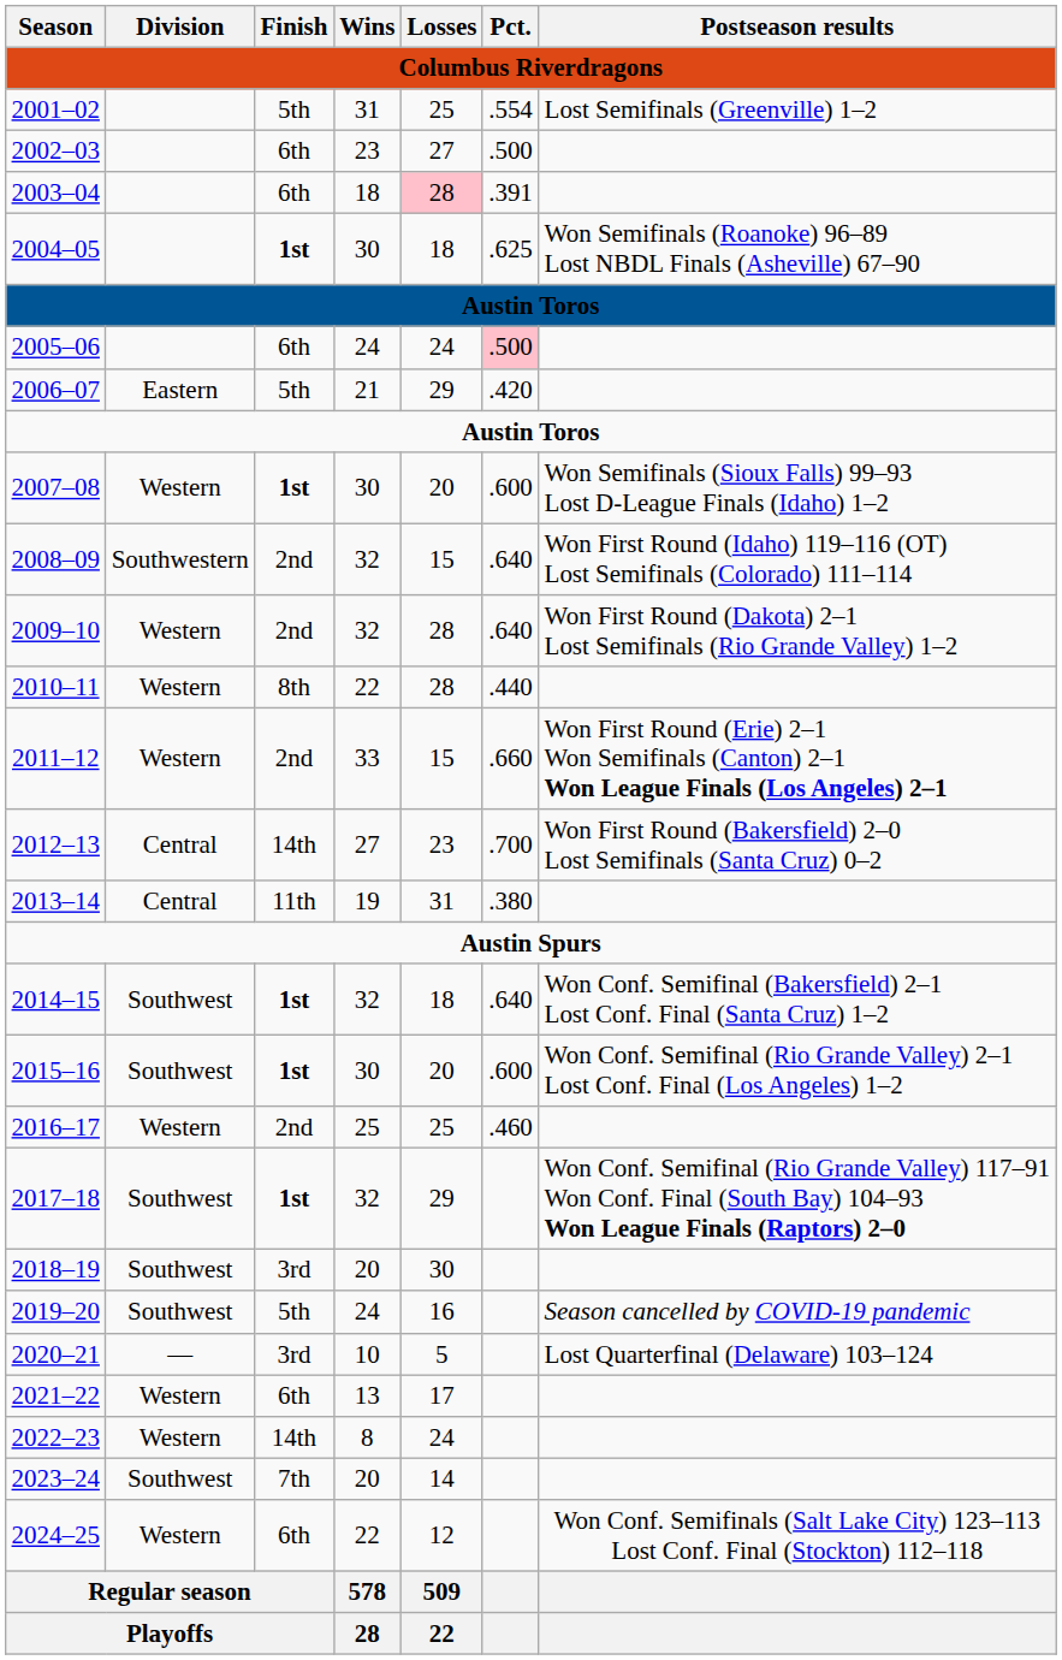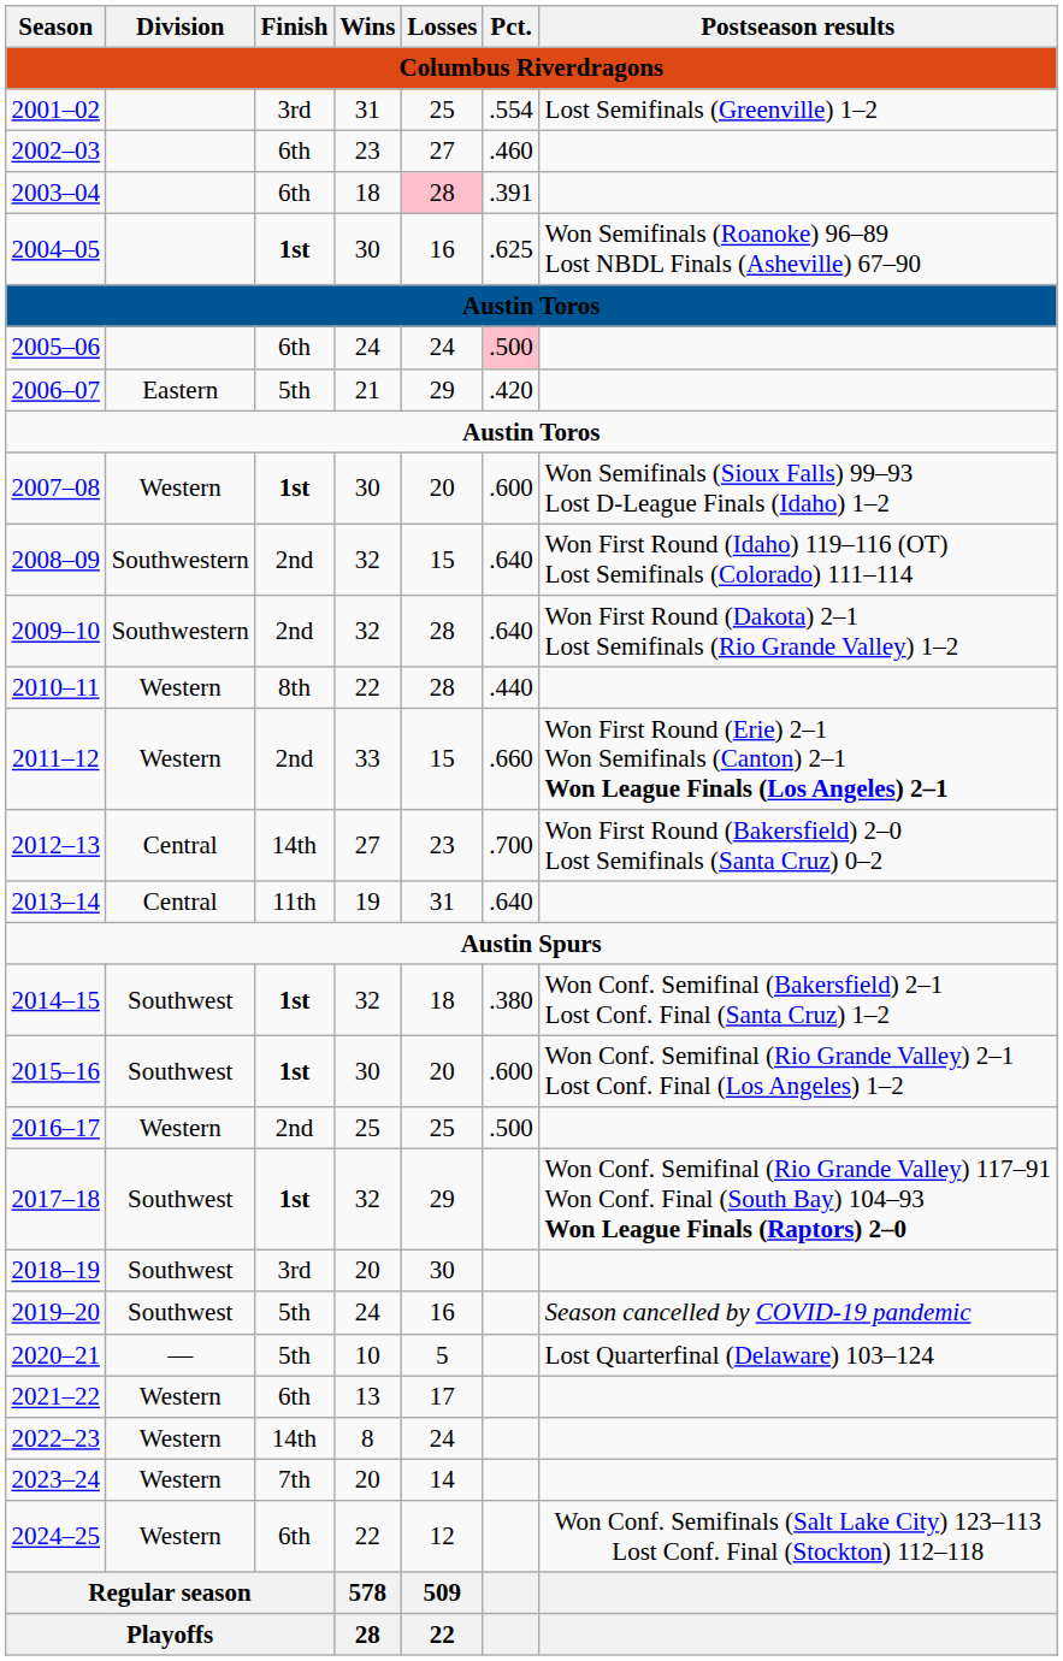 <table class="wikitable" style="font-size:95%; text-align:center">
 <tr>
 <th>Season</th>
 <th>Division</th>
 <th>Finish</th>
 <th>Wins</th>
 <th>Losses</th>
 <th>Pct.</th>
 <th>Postseason results</th>
 </tr>
 <tr>
 <td colspan=7 bgcolor="#DD4814"><span> <strong>Columbus Riverdragons</strong></span></td>
 </tr>
 <tr>
 <td><a href='#'>2001–02</a></td>
 <td></td>
-<td>5th</td>
+<td>3rd</td>
 <td>31</td>
 <td>25</td>
 <td>.554</td>
 <td align=left>Lost Semifinals (<a href='#'>Greenville</a>) 1–2</td>
 </tr>
 <tr>
 <td><a href='#'>2002–03</a></td>
 <td></td>
 <td>6th</td>
 <td>23</td>
 <td>27</td>
-<td>.500</td>
+<td>.460</td>
 <td></td>
 </tr>
 <tr>
 <td><a href='#'>2003–04</a></td>
 <td></td>
 <td>6th</td>
 <td>18</td>
 <td style="background: pink;">28</td>
 <td>.391</td>
 <td></td>
 </tr>
 <tr>
 <td><a href='#'>2004–05</a></td>
 <td></td>
 <td><strong>1st</strong></td>
 <td>30</td>
-<td>18</td>
+<td>16</td>
 <td>.625</td>
 <td align=left>Won Semifinals (<a href='#'>Roanoke</a>) 96–89<br> Lost NBDL Finals (<a href='#'>Asheville</a>) 67–90</td>
 </tr>
 <tr>
 <td colspan=7 bgcolor="#005695"><span> <strong>Austin Toros</strong></span></td>
 </tr>
 <tr>
 <td><a href='#'>2005–06</a></td>
 <td></td>
 <td>6th</td>
 <td>24</td>
 <td>24</td>
 <td style="background: pink;">.500</td>
 <td></td>
 </tr>
 <tr>
 <td><a href='#'>2006–07</a></td>
 <td>Eastern</td>
 <td>5th</td>
 <td>21</td>
 <td>29</td>
 <td>.420</td>
 <td></td>
 </tr>
 <tr>
 <td colspan=7><strong>Austin Toros</strong></td>
 </tr>
 <tr>
 <td><a href='#'>2007–08</a></td>
 <td>Western</td>
 <td><strong>1st</strong></td>
 <td>30</td>
 <td>20</td>
 <td>.600</td>
 <td align=left>Won Semifinals (<a href='#'>Sioux Falls</a>) 99–93<br> Lost D-League Finals (<a href='#'>Idaho</a>) 1–2</td>
 </tr>
 <tr>
 <td><a href='#'>2008–09</a></td>
 <td>Southwestern</td>
 <td>2nd</td>
 <td>32</td>
 <td>15</td>
 <td>.640</td>
 <td align=left>Won First Round (<a href='#'>Idaho</a>) 119–116 (OT)<br> Lost Semifinals (<a href='#'>Colorado</a>) 111–114</td>
 </tr>
 <tr>
 <td><a href='#'>2009–10</a></td>
-<td>Western</td>
+<td>Southwestern</td>
 <td>2nd</td>
 <td>32</td>
 <td>28</td>
 <td>.640</td>
 <td align=left>Won First Round (<a href='#'>Dakota</a>) 2–1<br> Lost Semifinals (<a href='#'>Rio Grande Valley</a>) 1–2</td>
 </tr>
 <tr>
 <td><a href='#'>2010–11</a></td>
 <td>Western</td>
 <td>8th</td>
 <td>22</td>
 <td>28</td>
 <td>.440</td>
 <td></td>
 </tr>
 <tr>
 <td><a href='#'>2011–12</a></td>
 <td>Western</td>
 <td>2nd</td>
 <td>33</td>
 <td>15</td>
 <td>.660</td>
 <td align=left>Won First Round (<a href='#'>Erie</a>) 2–1<br>Won Semifinals (<a href='#'>Canton</a>) 2–1<br><strong>Won League Finals (<a href='#'>Los Angeles</a>) 2–1</strong></td>
 </tr>
 <tr>
 <td><a href='#'>2012–13</a></td>
 <td>Central</td>
 <td>14th</td>
 <td>27</td>
 <td>23</td>
 <td>.700</td>
 <td align=left>Won First Round (<a href='#'>Bakersfield</a>) 2–0<br>Lost Semifinals (<a href='#'>Santa Cruz</a>) 0–2</td>
 </tr>
 <tr>
 <td><a href='#'>2013–14</a></td>
 <td>Central</td>
 <td>11th</td>
 <td>19</td>
 <td>31</td>
-<td>.380</td>
+<td>.640</td>
 <td></td>
 </tr>
 <tr>
 <td colspan=7><strong>Austin Spurs</strong></td>
 </tr>
 <tr>
 <td><a href='#'>2014–15</a></td>
 <td>Southwest</td>
 <td><strong>1st</strong></td>
 <td>32</td>
 <td>18</td>
-<td>.640</td>
+<td>.380</td>
 <td align=left>Won Conf. Semifinal (<a href='#'>Bakersfield</a>) 2–1<br>Lost Conf. Final (<a href='#'>Santa Cruz</a>) 1–2</td>
 </tr>
 <tr>
 <td><a href='#'>2015–16</a></td>
 <td>Southwest</td>
 <td><strong>1st</strong></td>
 <td>30</td>
 <td>20</td>
 <td>.600</td>
 <td align=left>Won Conf. Semifinal (<a href='#'>Rio Grande Valley</a>) 2–1<br>Lost Conf. Final (<a href='#'>Los Angeles</a>) 1–2</td>
 </tr>
 <tr>
 <td><a href='#'>2016–17</a></td>
 <td>Western</td>
 <td>2nd</td>
 <td>25</td>
 <td>25</td>
-<td>.460</td>
+<td>.500</td>
 <td></td>
 </tr>
 <tr>
 <td><a href='#'>2017–18</a></td>
 <td>Southwest</td>
 <td><strong>1st</strong></td>
 <td>32</td>
 <td>29</td>
 <td></td>
 <td align=left>Won Conf. Semifinal (<a href='#'>Rio Grande Valley</a>) 117–91<br>Won Conf. Final (<a href='#'>South Bay</a>) 104–93<br><strong>Won League Finals (<a href='#'>Raptors</a>) 2–0</strong></td>
 </tr>
 <tr>
 <td><a href='#'>2018–19</a></td>
 <td>Southwest</td>
 <td>3rd</td>
 <td>20</td>
 <td>30</td>
 <td></td>
 <td></td>
 </tr>
 <tr>
 <td><a href='#'>2019–20</a></td>
 <td>Southwest</td>
 <td>5th</td>
 <td>24</td>
 <td>16</td>
 <td></td>
 <td align=left><em>Season cancelled by <a href='#'>COVID-19 pandemic</a></em></td>
 </tr>
 <tr>
 <td><a href='#'>2020–21</a></td>
 <td>—</td>
-<td>3rd</td>
+<td>5th</td>
 <td>10</td>
 <td>5</td>
 <td></td>
 <td align=left>Lost Quarterfinal (<a href='#'>Delaware</a>) 103–124</td>
 </tr>
 <tr>
 <td><a href='#'>2021–22</a></td>
 <td>Western</td>
 <td>6th</td>
 <td>13</td>
 <td>17</td>
 <td></td>
 <td align=left></td>
 </tr>
 <tr>
 <td><a href='#'>2022–23</a></td>
 <td>Western</td>
 <td>14th</td>
 <td>8</td>
 <td>24</td>
 <td></td>
 <td></td>
 </tr>
 <tr>
 <td><a href='#'>2023–24</a></td>
-<td>Southwest</td>
+<td>Western</td>
 <td>7th</td>
 <td>20</td>
 <td>14</td>
 <td></td>
 <td></td>
 </tr>
 <tr>
 <td><a href='#'>2024–25</a></td>
 <td>Western</td>
 <td>6th</td>
 <td>22</td>
 <td>12</td>
 <td></td>
 <td>Won Conf. Semifinals (<a href='#'>Salt Lake City</a>) 123–113<br>Lost Conf. Final (<a href='#'>Stockton</a>) 112–118</td>
 </tr>
 <tr>
 <th colspan=3>Regular season</th>
 <th>578</th>
 <th>509</th>
 <th></th>
 <th></th>
 </tr>
 <tr>
 <th colspan=3>Playoffs</th>
 <th>28</th>
 <th>22</th>
 <th></th>
 <th></th>
 </tr>
 </table>
